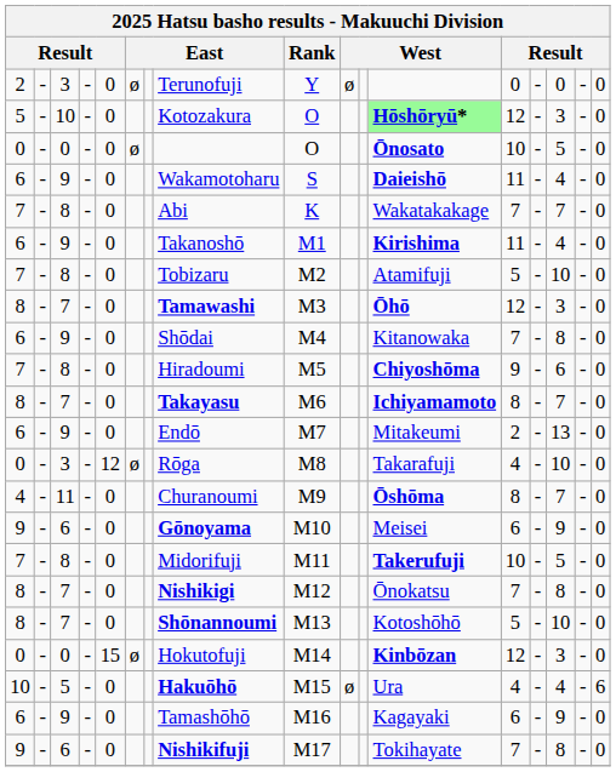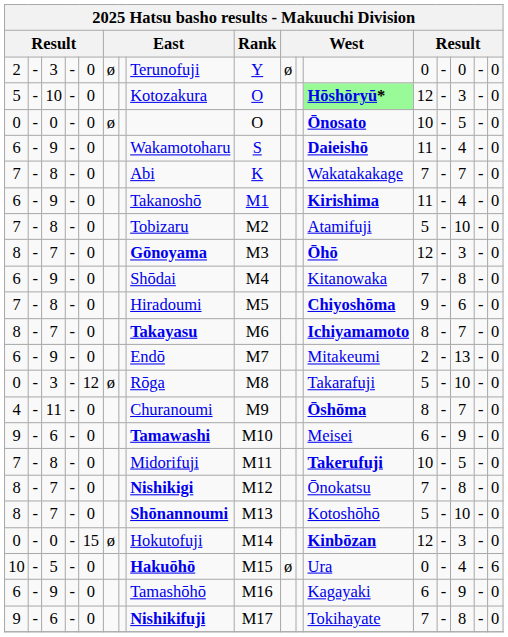 <table class="wikitable" style="text-align:center">
 <tr>
 <th colspan="17">2025 Hatsu basho results - Makuuchi Division</th>
 </tr>
 <tr>
 <th colspan="5">Result</th>
 <th colspan="3">East</th>
 <th>Rank</th>
 <th colspan="3">West</th>
 <th colspan="5">Result</th>
 </tr>
 <tr>
 <td>2</td>
 <td>-</td>
 <td>3</td>
 <td>-</td>
 <td>0</td>
 <td>ø</td>
 <td></td>
 <td style="text-align:left;"><a href='#'>Terunofuji</a></td>
 <td><a href='#'>Y</a></td>
 <td>ø</td>
 <td></td>
 <td></td>
 <td>0</td>
 <td>-</td>
 <td>0</td>
 <td>-</td>
 <td>0</td>
 </tr>
 <tr>
 <td>5</td>
 <td>-</td>
 <td>10</td>
 <td>-</td>
 <td>0</td>
 <td></td>
 <td></td>
 <td style="text-align:left;"><a href='#'>Kotozakura</a></td>
 <td><a href='#'>O</a></td>
 <td></td>
 <td></td>
 <td style="text-align:left; background:palegreen;"><strong><a href='#'>Hōshōryū</a>*</strong></td>
 <td>12</td>
 <td>-</td>
 <td>3</td>
 <td>-</td>
 <td>0</td>
 </tr>
 <tr>
 <td>0</td>
 <td>-</td>
 <td>0</td>
 <td>-</td>
 <td>0</td>
 <td>ø</td>
 <td></td>
 <td></td>
 <td>O</td>
 <td></td>
 <td></td>
 <td style="text-align:left;"><strong><a href='#'>Ōnosato</a></strong></td>
 <td>10</td>
 <td>-</td>
 <td>5</td>
 <td>-</td>
 <td>0</td>
 </tr>
 <tr>
 <td>6</td>
 <td>-</td>
 <td>9</td>
 <td>-</td>
 <td>0</td>
 <td></td>
 <td></td>
 <td style="text-align:left;"><a href='#'>Wakamotoharu</a></td>
 <td><a href='#'>S</a></td>
 <td></td>
 <td></td>
 <td style="text-align:left;"><strong><a href='#'>Daieishō</a></strong></td>
 <td>11</td>
 <td>-</td>
 <td>4</td>
 <td>-</td>
 <td>0</td>
 </tr>
 <tr>
 <td>7</td>
 <td>-</td>
 <td>8</td>
 <td>-</td>
 <td>0</td>
 <td></td>
 <td></td>
 <td style="text-align:left;"><a href='#'>Abi</a></td>
 <td><a href='#'>K</a></td>
 <td></td>
 <td></td>
 <td style="text-align:left;"><a href='#'>Wakatakakage</a></td>
 <td>7</td>
 <td>-</td>
 <td>7</td>
 <td>-</td>
 <td>0</td>
 </tr>
 <tr>
 <td>6</td>
 <td>-</td>
 <td>9</td>
 <td>-</td>
 <td>0</td>
 <td></td>
 <td></td>
 <td style="text-align:left;"><a href='#'>Takanoshō</a></td>
 <td><a href='#'>M1</a></td>
 <td></td>
 <td></td>
 <td style="text-align:left;"><strong><a href='#'>Kirishima</a></strong></td>
 <td>11</td>
 <td>-</td>
 <td>4</td>
 <td>-</td>
 <td>0</td>
 </tr>
 <tr>
 <td>7</td>
 <td>-</td>
 <td>8</td>
 <td>-</td>
 <td>0</td>
 <td></td>
 <td></td>
 <td style="text-align:left;"><a href='#'>Tobizaru</a></td>
 <td>M2</td>
 <td></td>
 <td></td>
 <td style="text-align:left;"><a href='#'>Atamifuji</a></td>
 <td>5</td>
 <td>-</td>
 <td>10</td>
 <td>-</td>
 <td>0</td>
 </tr>
 <tr>
 <td>8</td>
 <td>-</td>
 <td>7</td>
 <td>-</td>
 <td>0</td>
 <td></td>
 <td></td>
-<td style="text-align:left;"><strong><a href='#'>Tamawashi</a></strong></td>
+<td style="text-align:left;"><strong><a href='#'>Gōnoyama</a></strong></td>
 <td>M3</td>
 <td></td>
 <td></td>
 <td style="text-align:left;"><strong><a href='#'>Ōhō</a></strong></td>
 <td>12</td>
 <td>-</td>
 <td>3</td>
 <td>-</td>
 <td>0</td>
 </tr>
 <tr>
 <td>6</td>
 <td>-</td>
 <td>9</td>
 <td>-</td>
 <td>0</td>
 <td></td>
 <td></td>
 <td style="text-align:left;"><a href='#'>Shōdai</a></td>
 <td>M4</td>
 <td></td>
 <td></td>
 <td style="text-align:left;"><a href='#'>Kitanowaka</a></td>
 <td>7</td>
 <td>-</td>
 <td>8</td>
 <td>-</td>
 <td>0</td>
 </tr>
 <tr>
 <td>7</td>
 <td>-</td>
 <td>8</td>
 <td>-</td>
 <td>0</td>
 <td></td>
 <td></td>
 <td style="text-align:left;"><a href='#'>Hiradoumi</a></td>
 <td>M5</td>
 <td></td>
 <td></td>
 <td style="text-align:left;"><strong><a href='#'>Chiyoshōma</a></strong></td>
 <td>9</td>
 <td>-</td>
 <td>6</td>
 <td>-</td>
 <td>0</td>
 </tr>
 <tr>
 <td>8</td>
 <td>-</td>
 <td>7</td>
 <td>-</td>
 <td>0</td>
 <td></td>
 <td></td>
 <td style="text-align:left;"><strong><a href='#'>Takayasu</a></strong></td>
 <td>M6</td>
 <td></td>
 <td></td>
 <td style="text-align:left;"><strong><a href='#'>Ichiyamamoto</a></strong></td>
 <td>8</td>
 <td>-</td>
 <td>7</td>
 <td>-</td>
 <td>0</td>
 </tr>
 <tr>
 <td>6</td>
 <td>-</td>
 <td>9</td>
 <td>-</td>
 <td>0</td>
 <td></td>
 <td></td>
 <td style="text-align:left;"><a href='#'>Endō</a></td>
 <td>M7</td>
 <td></td>
 <td></td>
 <td style="text-align:left;"><a href='#'>Mitakeumi</a></td>
 <td>2</td>
 <td>-</td>
 <td>13</td>
 <td>-</td>
 <td>0</td>
 </tr>
 <tr>
 <td>0</td>
 <td>-</td>
 <td>3</td>
 <td>-</td>
 <td>12</td>
 <td>ø</td>
 <td></td>
 <td style="text-align:left;"><a href='#'>Rōga</a></td>
 <td>M8</td>
 <td></td>
 <td></td>
 <td style="text-align:left;"><a href='#'>Takarafuji</a></td>
-<td>4</td>
+<td>5</td>
 <td>-</td>
 <td>10</td>
 <td>-</td>
 <td>0</td>
 </tr>
 <tr>
 <td>4</td>
 <td>-</td>
 <td>11</td>
 <td>-</td>
 <td>0</td>
 <td></td>
 <td></td>
 <td style="text-align:left;"><a href='#'>Churanoumi</a></td>
 <td>M9</td>
 <td></td>
 <td></td>
 <td style="text-align:left;"><strong><a href='#'>Ōshōma</a></strong></td>
 <td>8</td>
 <td>-</td>
 <td>7</td>
 <td>-</td>
 <td>0</td>
 </tr>
 <tr>
 <td>9</td>
 <td>-</td>
 <td>6</td>
 <td>-</td>
 <td>0</td>
 <td></td>
 <td></td>
-<td style="text-align:left;"><strong><a href='#'>Gōnoyama</a></strong></td>
+<td style="text-align:left;"><strong><a href='#'>Tamawashi</a></strong></td>
 <td>M10</td>
 <td></td>
 <td></td>
 <td style="text-align:left;"><a href='#'>Meisei</a></td>
 <td>6</td>
 <td>-</td>
 <td>9</td>
 <td>-</td>
 <td>0</td>
 </tr>
 <tr>
 <td>7</td>
 <td>-</td>
 <td>8</td>
 <td>-</td>
 <td>0</td>
 <td></td>
 <td></td>
 <td style="text-align:left;"><a href='#'>Midorifuji</a></td>
 <td>M11</td>
 <td></td>
 <td></td>
 <td style="text-align:left;"><strong><a href='#'>Takerufuji</a></strong></td>
 <td>10</td>
 <td>-</td>
 <td>5</td>
 <td>-</td>
 <td>0</td>
 </tr>
 <tr>
 <td>8</td>
 <td>-</td>
 <td>7</td>
 <td>-</td>
 <td>0</td>
 <td></td>
 <td></td>
 <td style="text-align:left;"><strong><a href='#'>Nishikigi</a></strong></td>
 <td>M12</td>
 <td></td>
 <td></td>
 <td style="text-align:left;"><a href='#'>Ōnokatsu</a></td>
 <td>7</td>
 <td>-</td>
 <td>8</td>
 <td>-</td>
 <td>0</td>
 </tr>
 <tr>
 <td>8</td>
 <td>-</td>
 <td>7</td>
 <td>-</td>
 <td>0</td>
 <td></td>
 <td></td>
 <td style="text-align:left;"><strong><a href='#'>Shōnannoumi</a></strong></td>
 <td>M13</td>
 <td></td>
 <td></td>
 <td style="text-align:left;"><a href='#'>Kotoshōhō</a></td>
 <td>5</td>
 <td>-</td>
 <td>10</td>
 <td>-</td>
 <td>0</td>
 </tr>
 <tr>
 <td>0</td>
 <td>-</td>
 <td>0</td>
 <td>-</td>
 <td>15</td>
 <td>ø</td>
 <td></td>
 <td style="text-align:left;"><a href='#'>Hokutofuji</a></td>
 <td>M14</td>
 <td></td>
 <td></td>
 <td style="text-align:left;"><strong><a href='#'>Kinbōzan</a></strong></td>
 <td>12</td>
 <td>-</td>
 <td>3</td>
 <td>-</td>
 <td>0</td>
 </tr>
 <tr>
 <td>10</td>
 <td>-</td>
 <td>5</td>
 <td>-</td>
 <td>0</td>
 <td></td>
 <td></td>
 <td style="text-align:left;"><strong><a href='#'>Hakuōhō</a></strong></td>
 <td>M15</td>
 <td>ø</td>
 <td></td>
 <td style="text-align:left;"><a href='#'>Ura</a></td>
-<td>4</td>
+<td>0</td>
 <td>-</td>
 <td>4</td>
 <td>-</td>
 <td>6</td>
 </tr>
 <tr>
 <td>6</td>
 <td>-</td>
 <td>9</td>
 <td>-</td>
 <td>0</td>
 <td></td>
 <td></td>
 <td style="text-align:left;"><a href='#'>Tamashōhō</a></td>
 <td>M16</td>
 <td></td>
 <td></td>
 <td style="text-align:left;"><a href='#'>Kagayaki</a></td>
 <td>6</td>
 <td>-</td>
 <td>9</td>
 <td>-</td>
 <td>0</td>
 </tr>
 <tr>
 <td>9</td>
 <td>-</td>
 <td>6</td>
 <td>-</td>
 <td>0</td>
 <td></td>
 <td></td>
 <td style="text-align:left;"><strong><a href='#'>Nishikifuji</a></strong></td>
 <td>M17</td>
 <td></td>
 <td></td>
 <td style="text-align:left;"><a href='#'>Tokihayate</a></td>
 <td>7</td>
 <td>-</td>
 <td>8</td>
 <td>-</td>
 <td>0</td>
 </tr>
 <tr>
 </tr>
 </table>
